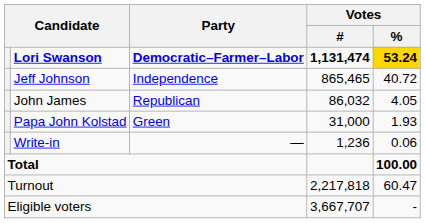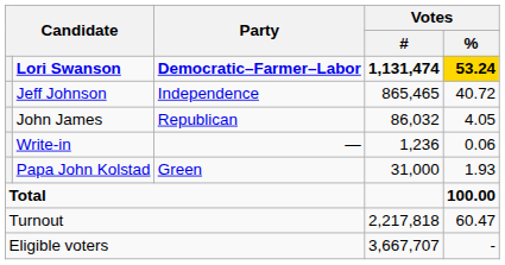 <table class="wikitable">
 <tr>
 <th colspan="2" rowspan="2">Candidate</th>
 <th rowspan="2">Party</th>
 <th colspan="2">Votes</th>
 </tr>
 <tr>
 <th>#</th>
 <th>%</th>
 </tr>
 <tr>
 <th style="background-color:"></th>
 <td><strong><a href='#'>Lori Swanson</a></strong></td>
 <td><strong><a href='#'>Democratic–Farmer–Labor</a></strong></td>
 <td align="right"><strong>1,131,474</strong></td>
 <td align="right" style="background: gold;"><strong>53.24</strong></td>
 </tr>
 <tr>
 <th style="background-color:"></th>
 <td><a href='#'>Jeff Johnson</a></td>
 <td><a href='#'>Independence</a></td>
 <td align="right">865,465</td>
 <td align="right">40.72</td>
 </tr>
 <tr>
 <th></th>
 <td>John James</td>
 <td><a href='#'>Republican</a></td>
 <td align="right">86,032</td>
 <td align="right">4.05</td>
 </tr>
 <tr>
+<th style="background-color:"></th>
+<td><a href='#'>Write-in</a></td>
+<td align="right">—</td>
+<td align="right">1,236</td>
+<td align="right">0.06</td>
+</tr>
+<tr>
 <th></th>
 <td><a href='#'>Papa John Kolstad</a></td>
 <td><a href='#'>Green</a></td>
 <td align="right">31,000</td>
 <td align="right">1.93</td>
-</tr>
-<tr>
-<th style="background-color:"></th>
-<td><a href='#'>Write-in</a></td>
-<td align="right">—</td>
-<td align="right">1,236</td>
-<td align="right">0.06</td>
 </tr>
 <tr>
 <td colspan="3" align="left"><strong>Total</strong></td>
 <td align="right"></td>
 <td align="right"><strong>100.00</strong></td>
 </tr>
 <tr>
 <td colspan="3" align="left">Turnout</td>
 <td align="right">2,217,818</td>
 <td align="right">60.47</td>
 </tr>
 <tr>
 <td colspan="3" align="left">Eligible voters</td>
 <td align="right">3,667,707</td>
 <td align="right">-</td>
 </tr>
 </table>
